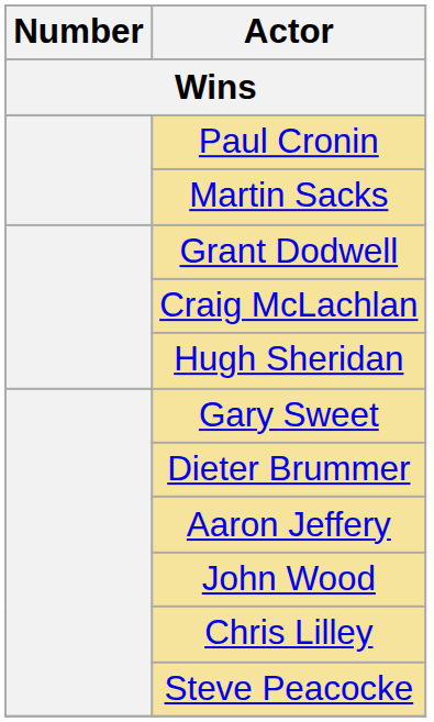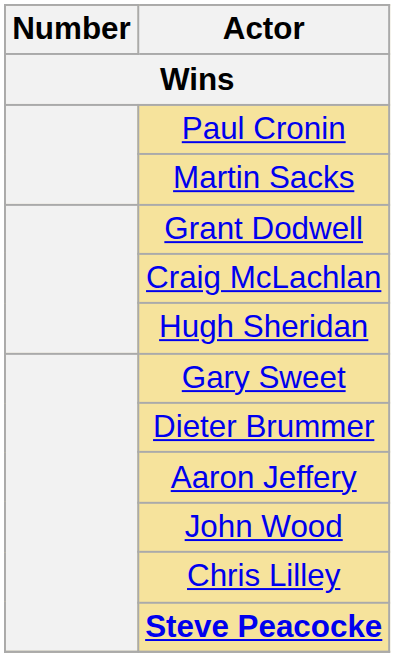 <table class="wikitable" rowspan=2 style="text-align: center; background: #f6e39c">
 <tr>
 <th scope="col" style="width:55px;">Number</th>
 <th scope="col" style="text-align:center;">Actor</th>
 </tr>
 <tr>
 <th colspan="2">Wins</th>
 </tr>
 <tr>
 <th scope="row" rowspan="2"></th>
 <td><a href='#'>Paul Cronin</a></td>
 </tr>
 <tr>
 <td><a href='#'>Martin Sacks</a></td>
 </tr>
 <tr>
 <th scope="row" rowspan="3"></th>
 <td><a href='#'>Grant Dodwell</a></td>
 </tr>
 <tr>
 <td><a href='#'>Craig McLachlan</a></td>
 </tr>
 <tr>
 <td><a href='#'>Hugh Sheridan</a></td>
 </tr>
 <tr>
 <th scope="row" rowspan="6"></th>
 <td><a href='#'>Gary Sweet</a></td>
 </tr>
 <tr>
 <td><a href='#'>Dieter Brummer</a></td>
 </tr>
 <tr>
 <td><a href='#'>Aaron Jeffery</a></td>
 </tr>
 <tr>
 <td><a href='#'>John Wood</a></td>
 </tr>
 <tr>
 <td><a href='#'>Chris Lilley</a></td>
 </tr>
 <tr>
-<td><a href='#'>Steve Peacocke</a></td>
+<td><strong><a href='#'>Steve Peacocke</a></strong></td>
 </tr>
 <tr>
 </tr>
 </table>
